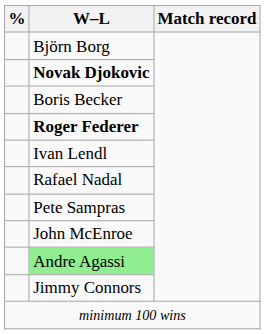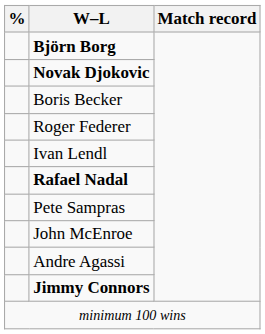 <table class="wikitable" style="display:inline-table;">
 <tr>
 <th>%</th>
 <th>W–L</th>
 <th>Match record</th>
 </tr>
 <tr>
 <td></td>
-<td> Björn Borg</td>
+<td><strong> Björn Borg</strong></td>
 </tr>
 <tr>
 <td></td>
 <td> <strong>Novak Djokovic</strong></td>
 </tr>
 <tr>
 <td></td>
 <td> Boris Becker</td>
 </tr>
 <tr>
 <td></td>
-<td><strong> Roger Federer</strong></td>
+<td> Roger Federer</td>
 </tr>
 <tr>
 <td></td>
 <td> Ivan Lendl</td>
 </tr>
 <tr>
 <td></td>
-<td> Rafael Nadal</td>
+<td><strong> Rafael Nadal</strong></td>
 </tr>
 <tr>
 <td></td>
 <td> Pete Sampras</td>
 </tr>
 <tr>
 <td></td>
 <td> John McEnroe</td>
 </tr>
 <tr>
 <td></td>
-<td style="background: lightgreen;"> Andre Agassi</td>
+<td> Andre Agassi</td>
 </tr>
 <tr>
 <td></td>
-<td> Jimmy Connors<br></td>
+<td><strong> Jimmy Connors<br></strong></td>
 </tr>
 <tr>
 <td colspan="3" style="text-align: center;"><small><em>minimum 100 wins</em></small></td>
 </tr>
 </table>
